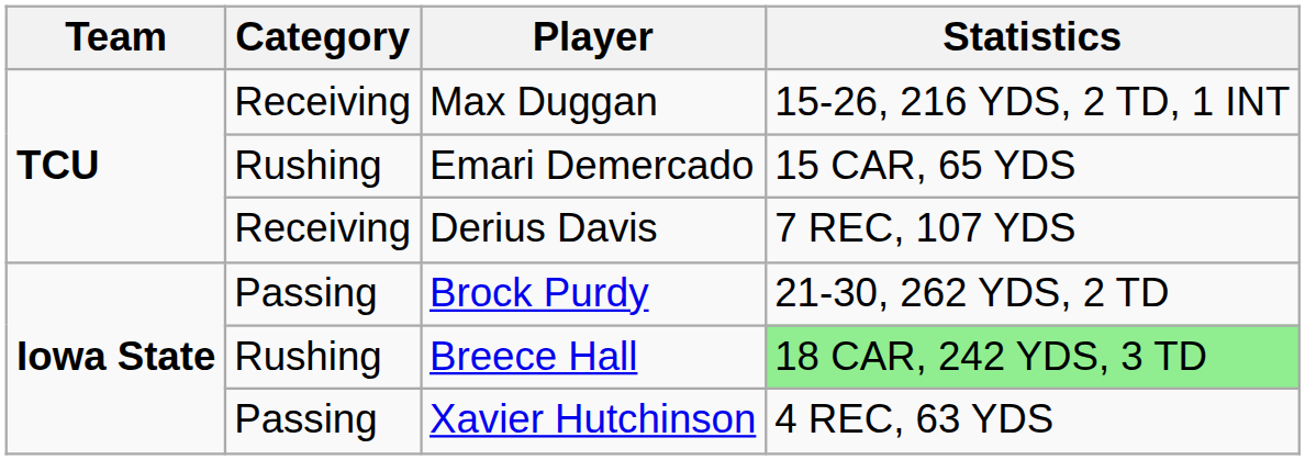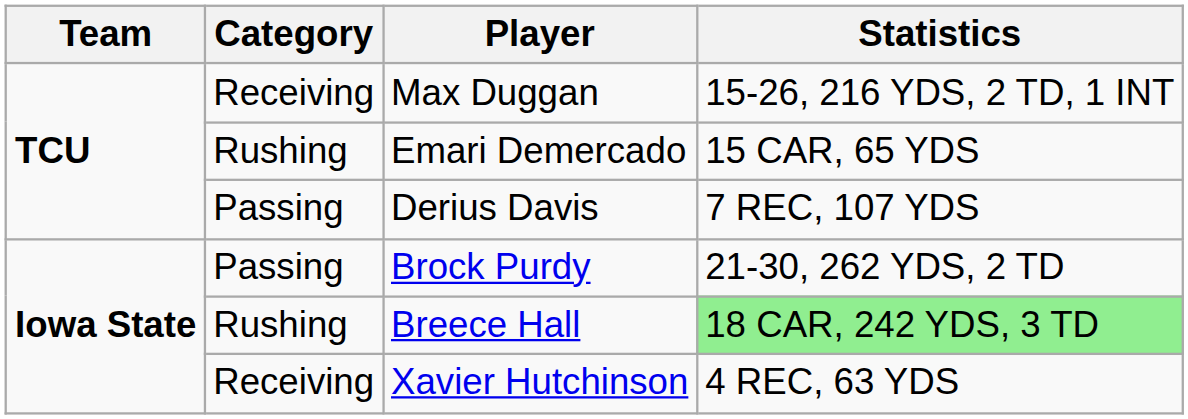 <table class="wikitable" style="float: right;">
 <tr>
 <th>Team</th>
 <th>Category</th>
 <th>Player</th>
 <th>Statistics</th>
 </tr>
 <tr>
 <td rowspan=3><strong>TCU</strong></td>
 <td>Receiving</td>
 <td>Max Duggan</td>
 <td>15-26, 216 YDS, 2 TD, 1 INT</td>
 </tr>
 <tr>
 <td>Rushing</td>
 <td>Emari Demercado</td>
 <td>15 CAR, 65 YDS</td>
 </tr>
 <tr>
-<td>Receiving</td>
+<td>Passing</td>
 <td>Derius Davis</td>
 <td>7 REC, 107 YDS</td>
 </tr>
 <tr>
 <td rowspan=3><strong>Iowa State</strong></td>
 <td>Passing</td>
 <td><a href='#'>Brock Purdy</a></td>
 <td>21-30, 262 YDS, 2 TD</td>
 </tr>
 <tr>
 <td>Rushing</td>
 <td><a href='#'>Breece Hall</a></td>
 <td style="background: lightgreen;">18 CAR, 242 YDS, 3 TD</td>
 </tr>
 <tr>
-<td>Passing</td>
+<td>Receiving</td>
 <td><a href='#'>Xavier Hutchinson</a></td>
 <td>4 REC, 63 YDS</td>
 </tr>
 </table>
